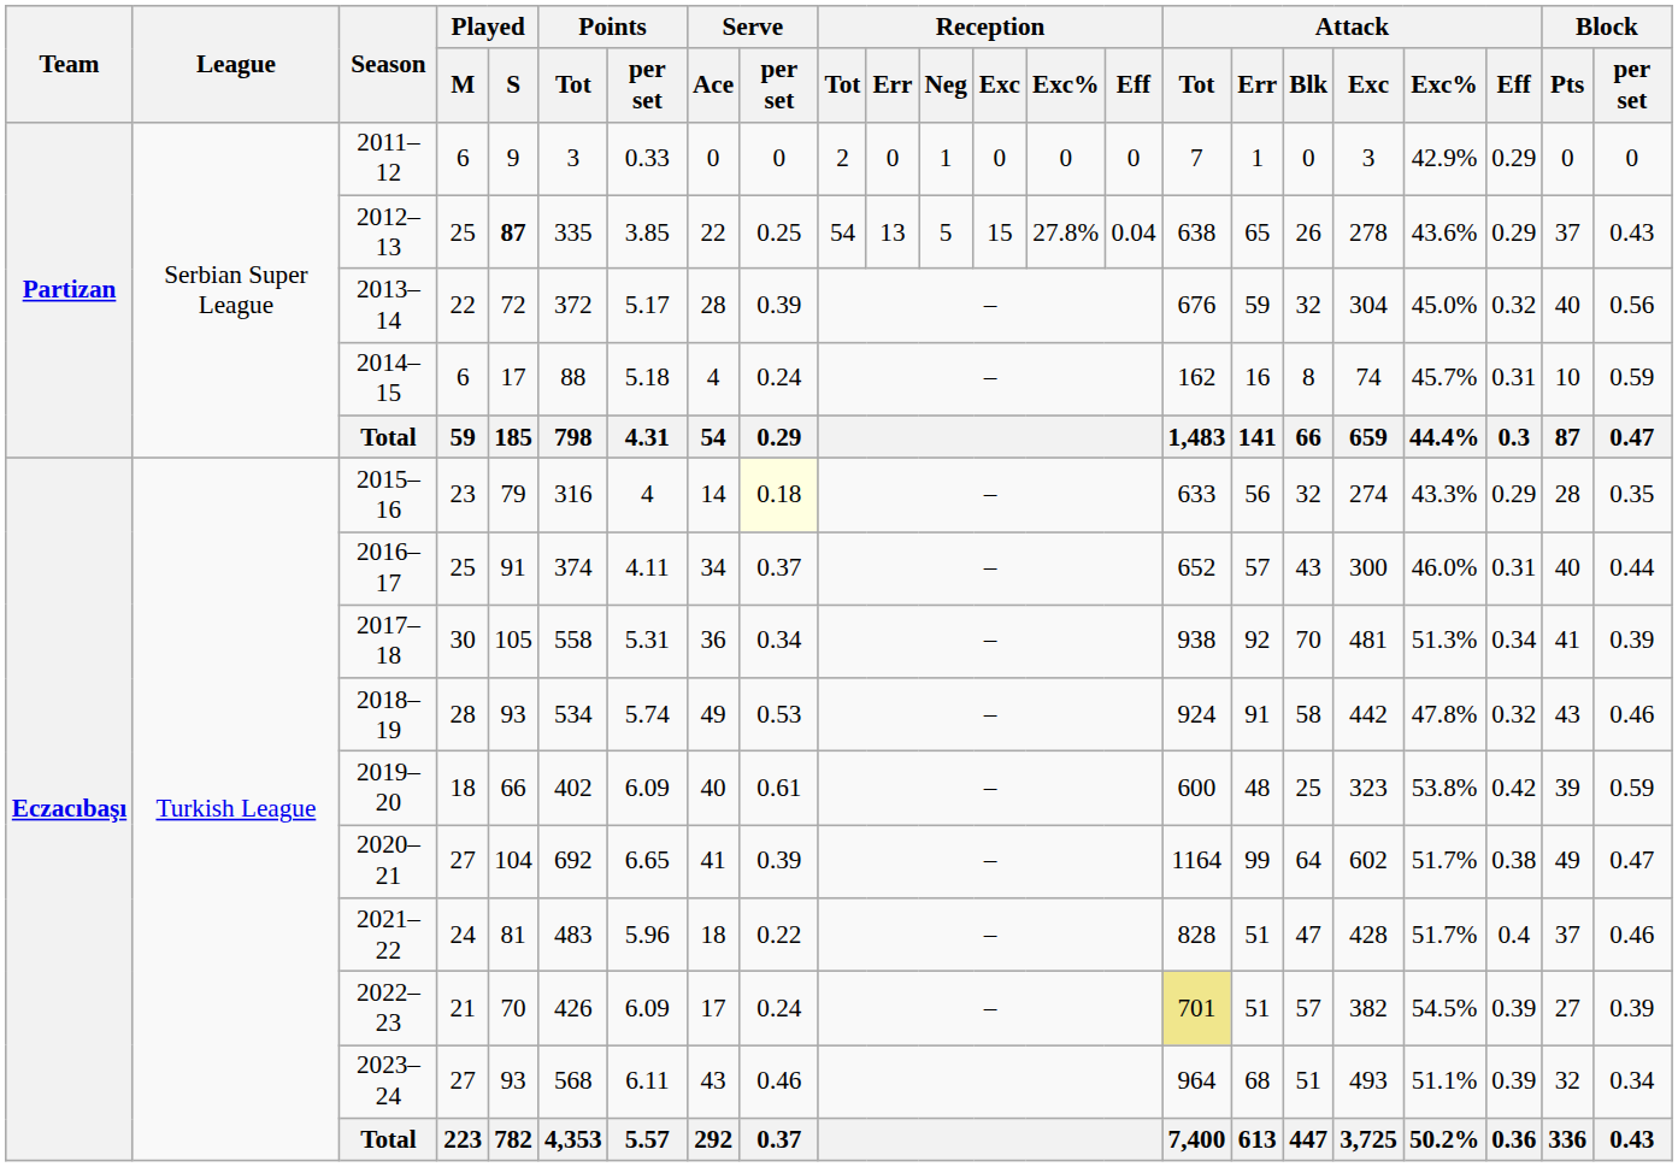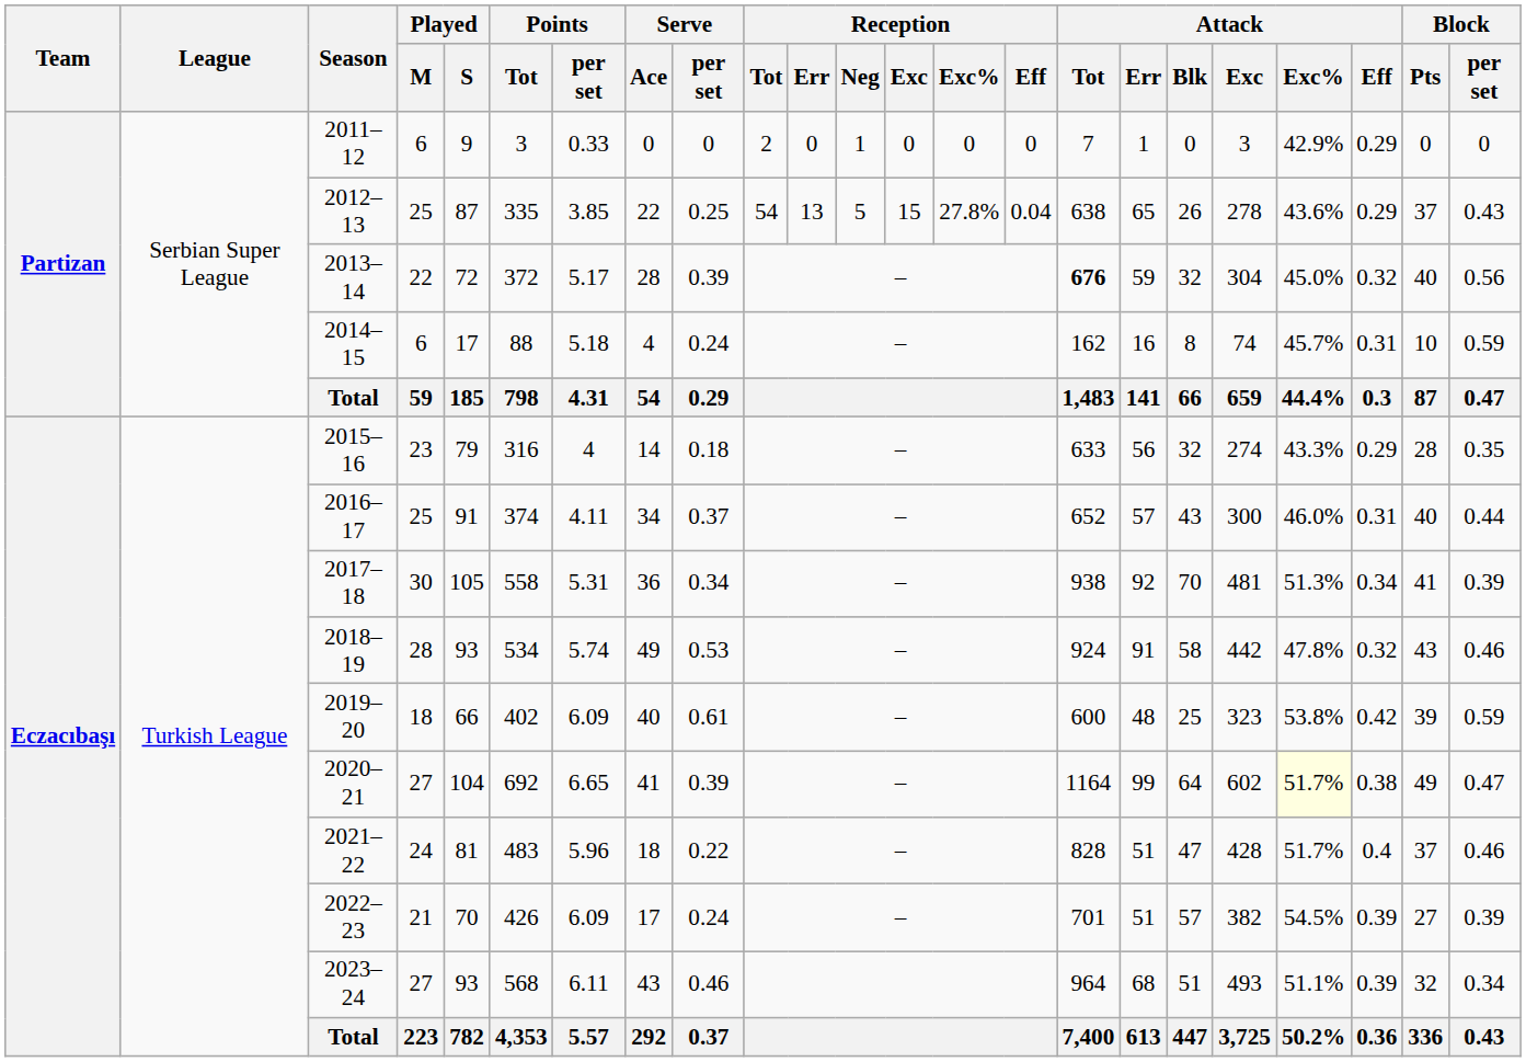 <table class="wikitable" style="text-align:center; font-size:smaller">
 <tr>
 <th rowspan="2">Team</th>
 <th rowspan="2">League</th>
 <th rowspan="2">Season</th>
 <th colspan="2">Played</th>
 <th colspan="2">Points</th>
 <th colspan="2">Serve</th>
 <th colspan="6">Reception</th>
 <th colspan="6">Attack</th>
 <th colspan="2">Block</th>
 </tr>
 <tr>
 <th>M</th>
 <th>S</th>
 <th>Tot</th>
 <th>per set</th>
 <th>Ace</th>
 <th>per set</th>
 <th>Tot</th>
 <th>Err</th>
 <th>Neg</th>
 <th>Exc</th>
 <th>Exc%</th>
 <th>Eff</th>
 <th>Tot</th>
 <th>Err</th>
 <th>Blk</th>
 <th>Exc</th>
 <th>Exc%</th>
 <th>Eff</th>
 <th>Pts</th>
 <th>per set</th>
 </tr>
 <tr>
 <th rowspan="5"><a href='#'>Partizan</a></th>
 <td rowspan="5">Serbian Super League</td>
 <td>2011–12</td>
 <td>6</td>
 <td>9</td>
 <td>3</td>
 <td>0.33</td>
 <td>0</td>
 <td>0</td>
 <td>2</td>
 <td>0</td>
 <td>1</td>
 <td>0</td>
 <td>0</td>
 <td>0</td>
 <td>7</td>
 <td>1</td>
 <td>0</td>
 <td>3</td>
 <td>42.9%</td>
 <td>0.29</td>
 <td>0</td>
 <td>0</td>
 </tr>
 <tr>
 <td>2012–13</td>
 <td>25</td>
-<td><strong>87</strong></td>
+<td>87</td>
 <td>335</td>
 <td>3.85</td>
 <td>22</td>
 <td>0.25</td>
 <td>54</td>
 <td>13</td>
 <td>5</td>
 <td>15</td>
 <td>27.8%</td>
 <td>0.04</td>
 <td>638</td>
 <td>65</td>
 <td>26</td>
 <td>278</td>
 <td>43.6%</td>
 <td>0.29</td>
 <td>37</td>
 <td>0.43</td>
 </tr>
 <tr>
 <td>2013–14</td>
 <td>22</td>
 <td>72</td>
 <td>372</td>
 <td>5.17</td>
 <td>28</td>
 <td>0.39</td>
 <td colspan="6">–</td>
-<td>676</td>
+<td><strong>676</strong></td>
 <td>59</td>
 <td>32</td>
 <td>304</td>
 <td>45.0%</td>
 <td>0.32</td>
 <td>40</td>
 <td>0.56</td>
 </tr>
 <tr>
 <td>2014–15</td>
 <td>6</td>
 <td>17</td>
 <td>88</td>
 <td>5.18</td>
 <td>4</td>
 <td>0.24</td>
 <td colspan="6">–</td>
 <td>162</td>
 <td>16</td>
 <td>8</td>
 <td>74</td>
 <td>45.7%</td>
 <td>0.31</td>
 <td>10</td>
 <td>0.59</td>
 </tr>
 <tr>
 <th>Total</th>
 <th>59</th>
 <th>185</th>
 <th>798</th>
 <th>4.31</th>
 <th>54</th>
 <th>0.29</th>
 <th colspan="6"></th>
 <th>1,483</th>
 <th>141</th>
 <th>66</th>
 <th>659</th>
 <th>44.4%</th>
 <th>0.3</th>
 <th>87</th>
 <th>0.47</th>
 </tr>
 <tr>
 <th rowspan="10"><a href='#'>Eczacıbaşı</a></th>
 <td rowspan="10"><a href='#'>Turkish League</a></td>
 <td>2015–16</td>
 <td>23</td>
 <td>79</td>
 <td>316</td>
 <td>4</td>
 <td>14</td>
-<td style="background: lightyellow;">0.18</td>
+<td>0.18</td>
 <td colspan="6">–</td>
 <td>633</td>
 <td>56</td>
 <td>32</td>
 <td>274</td>
 <td>43.3%</td>
 <td>0.29</td>
 <td>28</td>
 <td>0.35</td>
 </tr>
 <tr>
 <td>2016–17</td>
 <td>25</td>
 <td>91</td>
 <td>374</td>
 <td>4.11</td>
 <td>34</td>
 <td>0.37</td>
 <td colspan="6">–</td>
 <td>652</td>
 <td>57</td>
 <td>43</td>
 <td>300</td>
 <td>46.0%</td>
 <td>0.31</td>
 <td>40</td>
 <td>0.44</td>
 </tr>
 <tr>
 <td>2017–18</td>
 <td>30</td>
 <td>105</td>
 <td>558</td>
 <td>5.31</td>
 <td>36</td>
 <td>0.34</td>
 <td colspan="6">–</td>
 <td>938</td>
 <td>92</td>
 <td>70</td>
 <td>481</td>
 <td>51.3%</td>
 <td>0.34</td>
 <td>41</td>
 <td>0.39</td>
 </tr>
 <tr>
 <td>2018–19</td>
 <td>28</td>
 <td>93</td>
 <td>534</td>
 <td>5.74</td>
 <td>49</td>
 <td>0.53</td>
 <td colspan="6">–</td>
 <td>924</td>
 <td>91</td>
 <td>58</td>
 <td>442</td>
 <td>47.8%</td>
 <td>0.32</td>
 <td>43</td>
 <td>0.46</td>
 </tr>
 <tr>
 <td>2019–20</td>
 <td>18</td>
 <td>66</td>
 <td>402</td>
 <td>6.09</td>
 <td>40</td>
 <td>0.61</td>
 <td colspan="6">–</td>
 <td>600</td>
 <td>48</td>
 <td>25</td>
 <td>323</td>
 <td>53.8%</td>
 <td>0.42</td>
 <td>39</td>
 <td>0.59</td>
 </tr>
 <tr>
 <td>2020–21</td>
 <td>27</td>
 <td>104</td>
 <td>692</td>
 <td>6.65</td>
 <td>41</td>
 <td>0.39</td>
 <td colspan="6">–</td>
 <td>1164</td>
 <td>99</td>
 <td>64</td>
 <td>602</td>
-<td>51.7%</td>
+<td style="background: lightyellow;">51.7%</td>
 <td>0.38</td>
 <td>49</td>
 <td>0.47</td>
 </tr>
 <tr>
 <td>2021–22</td>
 <td>24</td>
 <td>81</td>
 <td>483</td>
 <td>5.96</td>
 <td>18</td>
 <td>0.22</td>
 <td colspan="6">–</td>
 <td>828</td>
 <td>51</td>
 <td>47</td>
 <td>428</td>
 <td>51.7%</td>
 <td>0.4</td>
 <td>37</td>
 <td>0.46</td>
 </tr>
 <tr>
 <td>2022–23</td>
 <td>21</td>
 <td>70</td>
 <td>426</td>
 <td>6.09</td>
 <td>17</td>
 <td>0.24</td>
 <td colspan="6">–</td>
-<td style="background: khaki;">701</td>
+<td>701</td>
 <td>51</td>
 <td>57</td>
 <td>382</td>
 <td>54.5%</td>
 <td>0.39</td>
 <td>27</td>
 <td>0.39</td>
 </tr>
 <tr>
 <td>2023–24</td>
 <td>27</td>
 <td>93</td>
 <td>568</td>
 <td>6.11</td>
 <td>43</td>
 <td>0.46</td>
 <td colspan="6"></td>
 <td>964</td>
 <td>68</td>
 <td>51</td>
 <td>493</td>
 <td>51.1%</td>
 <td>0.39</td>
 <td>32</td>
 <td>0.34</td>
 </tr>
 <tr>
 <th>Total</th>
 <th>223</th>
 <th>782</th>
 <th>4,353</th>
 <th>5.57</th>
 <th>292</th>
 <th>0.37</th>
 <th colspan="6"></th>
 <th>7,400</th>
 <th>613</th>
 <th>447</th>
 <th>3,725</th>
 <th>50.2%</th>
 <th>0.36</th>
 <th>336</th>
 <th>0.43</th>
 </tr>
 </table>
